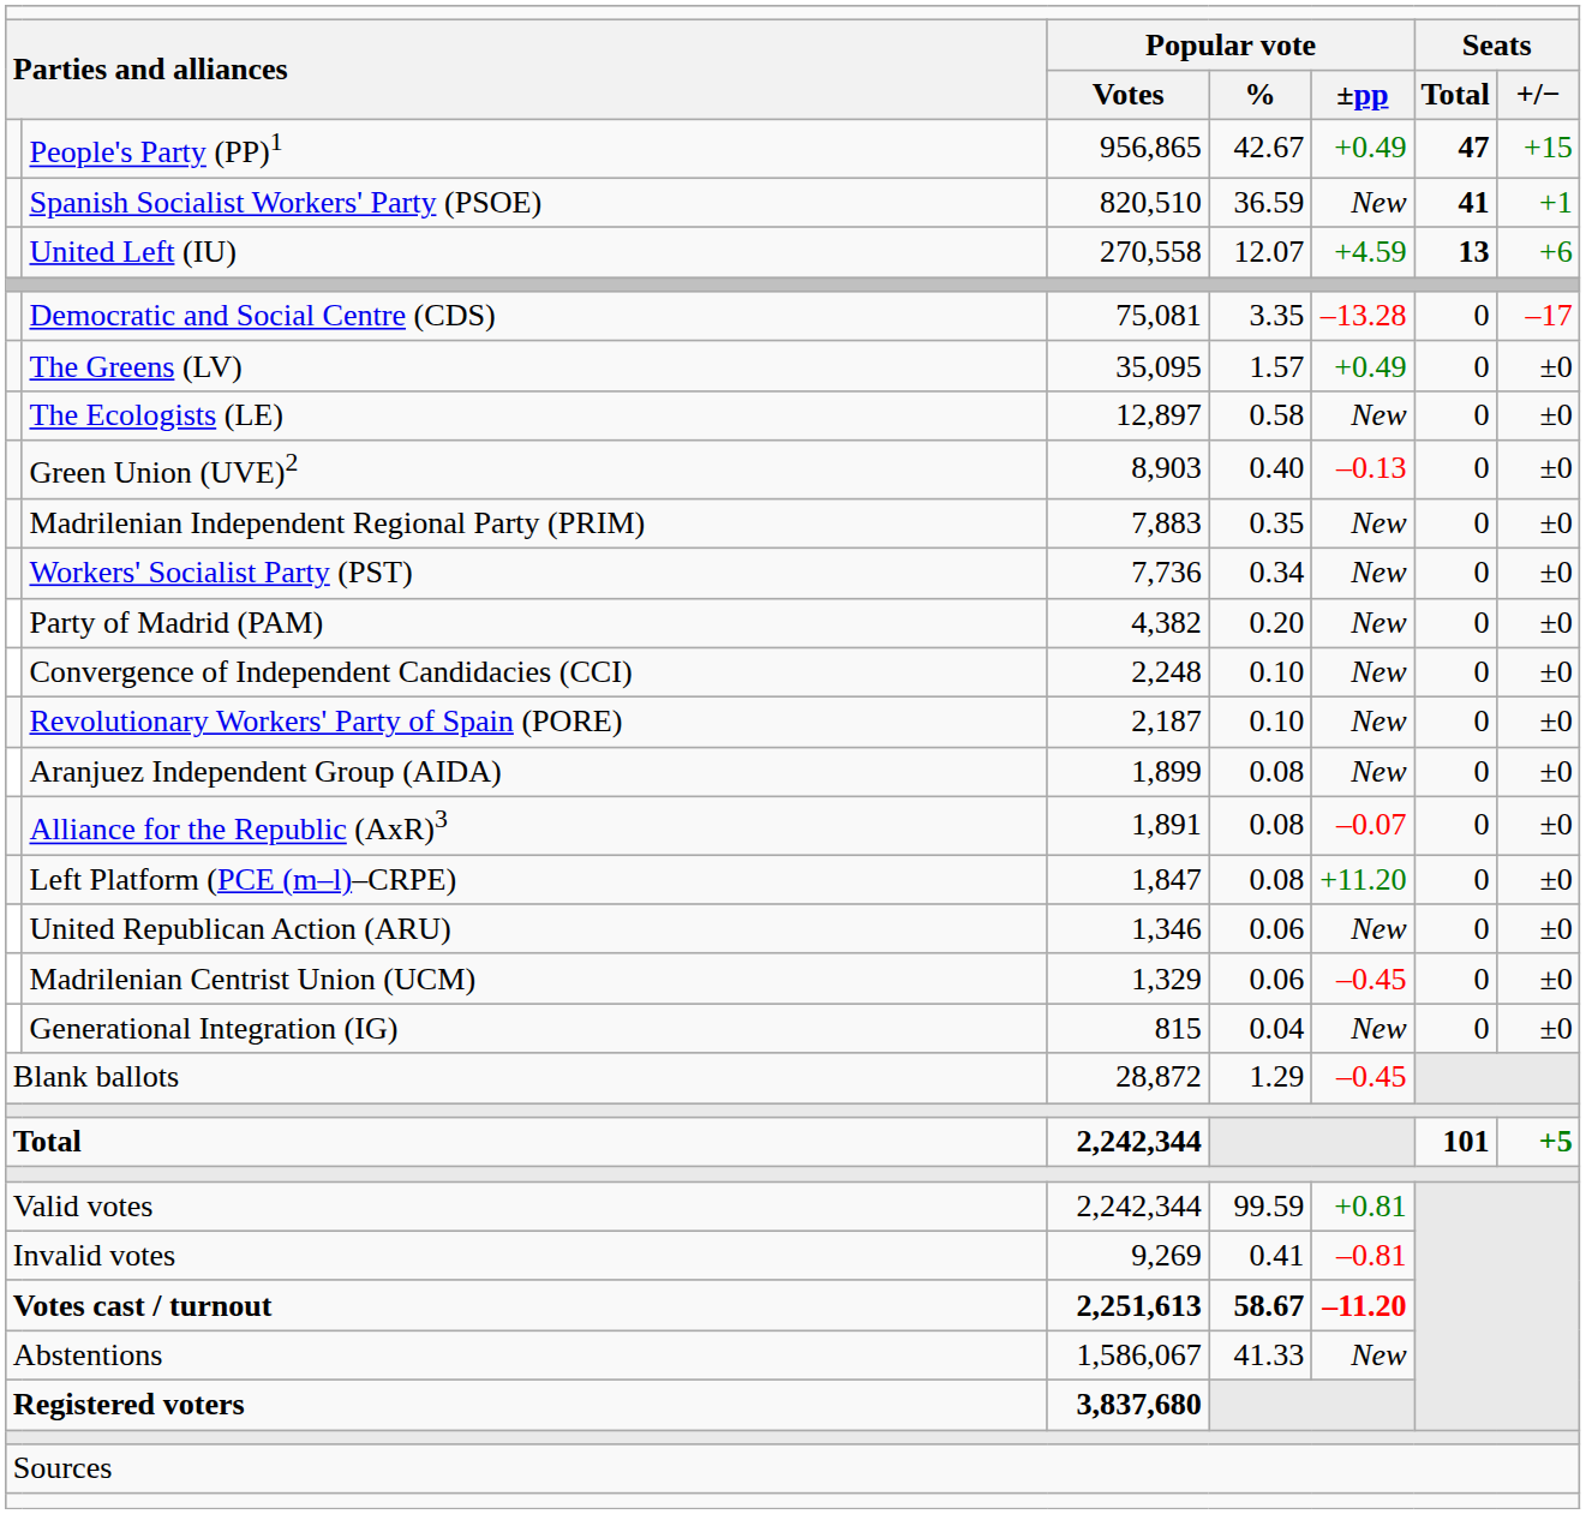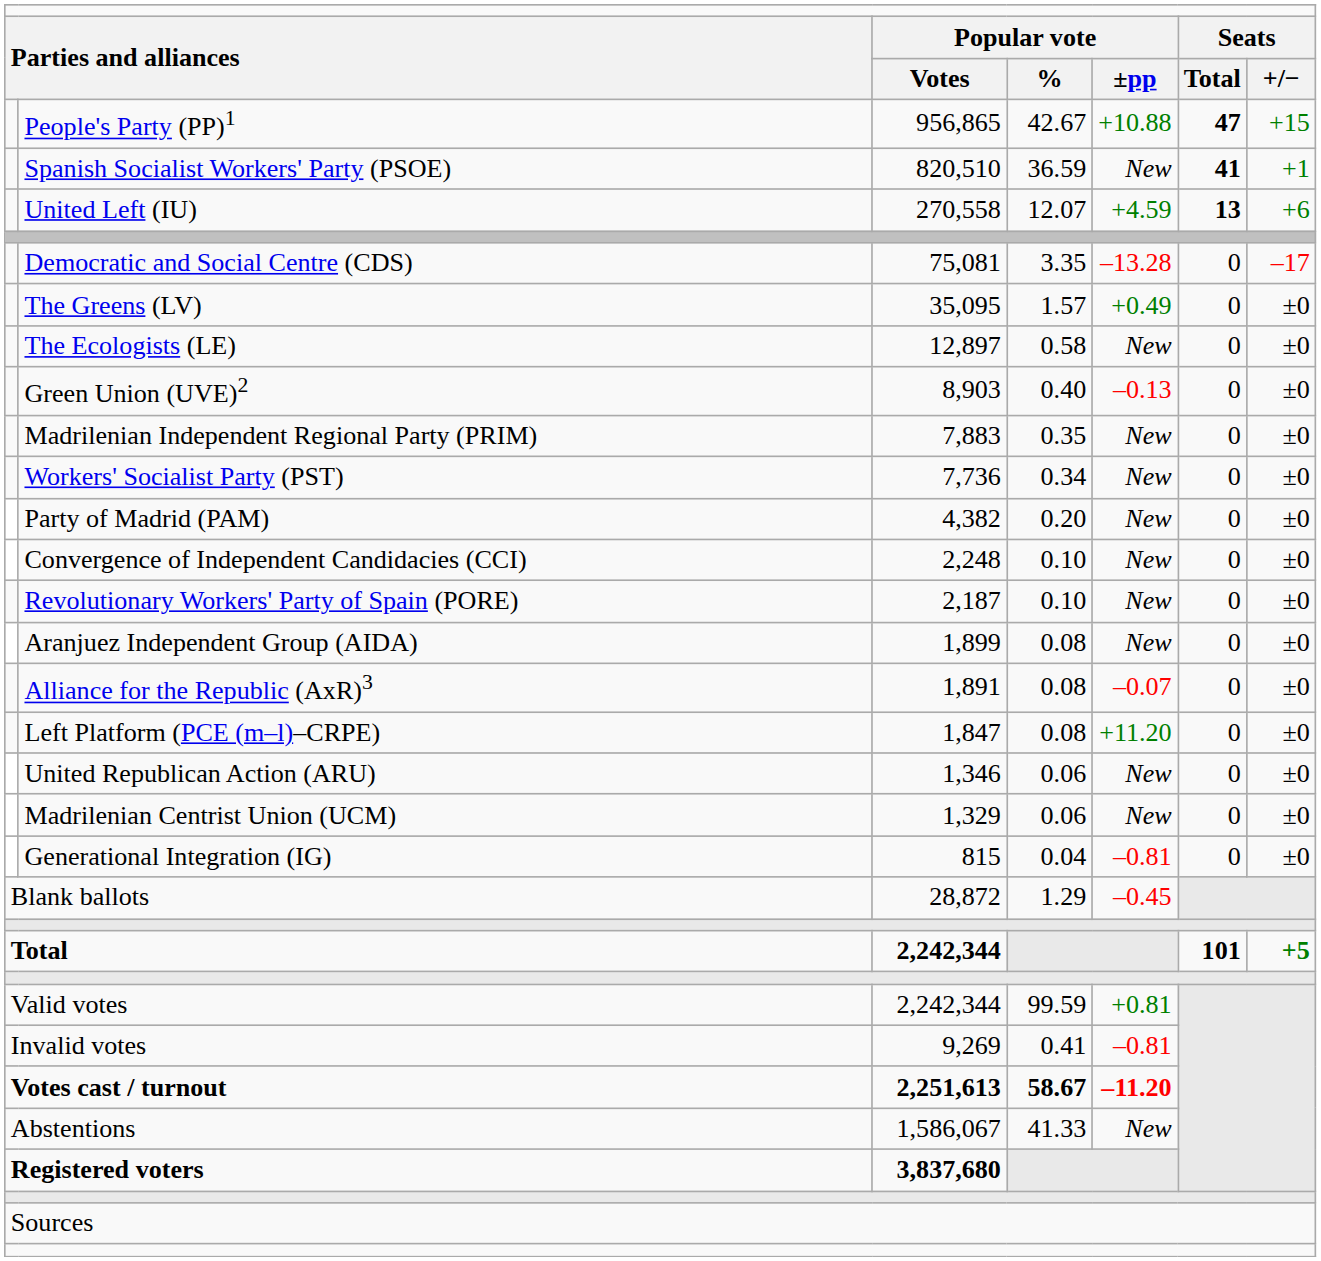 <table class="wikitable" style="text-align:right;">
 <tr>
 <td colspan="7"></td>
 </tr>
 <tr>
 <th style="text-align:left;" rowspan="2" colspan="2" width="525">Parties and alliances</th>
 <th colspan="3">Popular vote</th>
 <th colspan="2">Seats</th>
 </tr>
 <tr>
 <th width="75">Votes</th>
 <th width="45">%</th>
 <th width="45">±<a href='#'>pp</a></th>
 <th width="35">Total</th>
 <th width="35">+/−</th>
 </tr>
 <tr>
 <td width="1" style="color:inherit;background:"></td>
 <td align="left"><a href='#'>People's Party</a> (PP)<sup>1</sup></td>
 <td>956,865</td>
 <td>42.67</td>
-<td style="color:green;">+0.49</td>
+<td style="color:green;">+10.88</td>
 <td><strong>47</strong></td>
 <td style="color:green;">+15</td>
 </tr>
 <tr>
 <td style="color:inherit;background:"></td>
 <td align="left"><a href='#'>Spanish Socialist Workers' Party</a> (PSOE)</td>
 <td>820,510</td>
 <td>36.59</td>
 <td><em>New</em></td>
 <td><strong>41</strong></td>
 <td style="color:green;">+1</td>
 </tr>
 <tr>
 <td style="color:inherit;background:"></td>
 <td align="left"><a href='#'>United Left</a> (IU)</td>
 <td>270,558</td>
 <td>12.07</td>
 <td style="color:green;">+4.59</td>
 <td><strong>13</strong></td>
 <td style="color:green;">+6</td>
 </tr>
 <tr>
 <td colspan="7" bgcolor="#C0C0C0"></td>
 </tr>
 <tr>
 <td style="color:inherit;background:"></td>
 <td align="left"><a href='#'>Democratic and Social Centre</a> (CDS)</td>
 <td>75,081</td>
 <td>3.35</td>
 <td style="color:red;">–13.28</td>
 <td>0</td>
 <td style="color:red;">–17</td>
 </tr>
 <tr>
 <td style="color:inherit;background:"></td>
 <td align="left"><a href='#'>The Greens</a> (LV)</td>
 <td>35,095</td>
 <td>1.57</td>
 <td style="color:green;">+0.49</td>
 <td>0</td>
 <td>±0</td>
 </tr>
 <tr>
 <td style="color:inherit;background:"></td>
 <td align="left"><a href='#'>The Ecologists</a> (LE)</td>
 <td>12,897</td>
 <td>0.58</td>
 <td><em>New</em></td>
 <td>0</td>
 <td>±0</td>
 </tr>
 <tr>
 <td style="color:inherit;background:"></td>
 <td align="left">Green Union (UVE)<sup>2</sup></td>
 <td>8,903</td>
 <td>0.40</td>
 <td style="color:red;">–0.13</td>
 <td>0</td>
 <td>±0</td>
 </tr>
 <tr>
 <td style="color:inherit;background:"></td>
 <td align="left">Madrilenian Independent Regional Party (PRIM)</td>
 <td>7,883</td>
 <td>0.35</td>
 <td><em>New</em></td>
 <td>0</td>
 <td>±0</td>
 </tr>
 <tr>
 <td style="color:inherit;background:"></td>
 <td align="left"><a href='#'>Workers' Socialist Party</a> (PST)</td>
 <td>7,736</td>
 <td>0.34</td>
 <td><em>New</em></td>
 <td>0</td>
 <td>±0</td>
 </tr>
 <tr>
 <td bgcolor="white"></td>
 <td align="left">Party of Madrid (PAM)</td>
 <td>4,382</td>
 <td>0.20</td>
 <td><em>New</em></td>
 <td>0</td>
 <td>±0</td>
 </tr>
 <tr>
 <td bgcolor="white"></td>
 <td align="left">Convergence of Independent Candidacies (CCI)</td>
 <td>2,248</td>
 <td>0.10</td>
 <td><em>New</em></td>
 <td>0</td>
 <td>±0</td>
 </tr>
 <tr>
 <td style="color:inherit;background:"></td>
 <td align="left"><a href='#'>Revolutionary Workers' Party of Spain</a> (PORE)</td>
 <td>2,187</td>
 <td>0.10</td>
 <td><em>New</em></td>
 <td>0</td>
 <td>±0</td>
 </tr>
 <tr>
 <td bgcolor="white"></td>
 <td align="left">Aranjuez Independent Group (AIDA)</td>
 <td>1,899</td>
 <td>0.08</td>
 <td><em>New</em></td>
 <td>0</td>
 <td>±0</td>
 </tr>
 <tr>
 <td style="color:inherit;background:"></td>
 <td align="left"><a href='#'>Alliance for the Republic</a> (AxR)<sup>3</sup></td>
 <td>1,891</td>
 <td>0.08</td>
 <td style="color:red;">–0.07</td>
 <td>0</td>
 <td>±0</td>
 </tr>
 <tr>
 <td style="color:inherit;background:"></td>
 <td align="left">Left Platform (<a href='#'>PCE (m–l)</a>–CRPE)</td>
 <td>1,847</td>
 <td>0.08</td>
 <td style="color:green;">+11.20</td>
 <td>0</td>
 <td>±0</td>
 </tr>
 <tr>
 <td bgcolor="white"></td>
 <td align="left">United Republican Action (ARU)</td>
 <td>1,346</td>
 <td>0.06</td>
 <td><em>New</em></td>
 <td>0</td>
 <td>±0</td>
 </tr>
 <tr>
 <td bgcolor="white"></td>
 <td align="left">Madrilenian Centrist Union (UCM)</td>
 <td>1,329</td>
 <td>0.06</td>
-<td style="color:red;">–0.45</td>
+<td><em>New</em></td>
 <td>0</td>
 <td>±0</td>
 </tr>
 <tr>
 <td bgcolor="white"></td>
 <td align="left">Generational Integration (IG)</td>
 <td>815</td>
 <td>0.04</td>
-<td><em>New</em></td>
+<td style="color:red;">–0.81</td>
 <td>0</td>
 <td>±0</td>
 </tr>
 <tr>
 <td align="left" colspan="2">Blank ballots</td>
 <td>28,872</td>
 <td>1.29</td>
 <td style="color:red;">–0.45</td>
 <td bgcolor="#E9E9E9" colspan="2"></td>
 </tr>
 <tr>
 <td colspan="7" bgcolor="#E9E9E9"></td>
 </tr>
 <tr style="font-weight:bold;">
 <td align="left" colspan="2">Total</td>
 <td>2,242,344</td>
 <td bgcolor="#E9E9E9" colspan="2"></td>
 <td>101</td>
 <td style="color:green;">+5</td>
 </tr>
 <tr>
 <td colspan="7" bgcolor="#E9E9E9"></td>
 </tr>
 <tr>
 <td align="left" colspan="2">Valid votes</td>
 <td>2,242,344</td>
 <td>99.59</td>
 <td style="color:green;">+0.81</td>
 <td bgcolor="#E9E9E9" colspan="2" rowspan="5"></td>
 </tr>
 <tr>
 <td align="left" colspan="2">Invalid votes</td>
 <td>9,269</td>
 <td>0.41</td>
 <td style="color:red;">–0.81</td>
 </tr>
 <tr style="font-weight:bold;">
 <td align="left" colspan="2">Votes cast / turnout</td>
 <td>2,251,613</td>
 <td>58.67</td>
 <td style="color:red;">–11.20</td>
 </tr>
 <tr>
 <td align="left" colspan="2">Abstentions</td>
 <td>1,586,067</td>
 <td>41.33</td>
 <td><em>New</em></td>
 </tr>
 <tr style="font-weight:bold;">
 <td align="left" colspan="2">Registered voters</td>
 <td>3,837,680</td>
 <td bgcolor="#E9E9E9" colspan="2"></td>
 </tr>
 <tr>
 <td colspan="7" bgcolor="#E9E9E9"></td>
 </tr>
 <tr>
 <td align="left" colspan="7">Sources</td>
 </tr>
 <tr>
 <td colspan="7" style="text-align:left; max-width:790px;"></td>
 </tr>
 </table>
